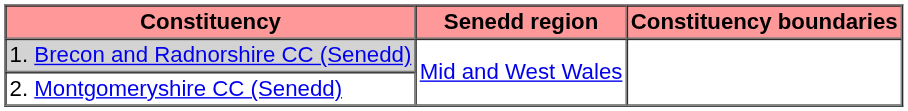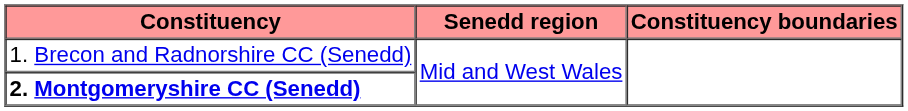 <table border=1 cellpadding="2" cellspacing="0">
 <tr>
 <th bgcolor="#ff9999">Constituency</th>
 <th bgcolor="#ff9999">Senedd region</th>
 <th bgcolor="#ff9999">Constituency boundaries</th>
 </tr>
 <tr>
-<td style="background: lightgrey;">1. <a href='#'>Brecon and Radnorshire CC (Senedd)</a></td>
+<td>1. <a href='#'>Brecon and Radnorshire CC (Senedd)</a></td>
 <td rowspan=2><a href='#'>Mid and West Wales</a></td>
 <td rowspan=3></td>
 </tr>
 <tr>
-<td>2. <a href='#'>Montgomeryshire CC (Senedd)</a></td>
+<td><strong>2. <a href='#'>Montgomeryshire CC (Senedd)</a></strong></td>
 </tr>
 </table>
